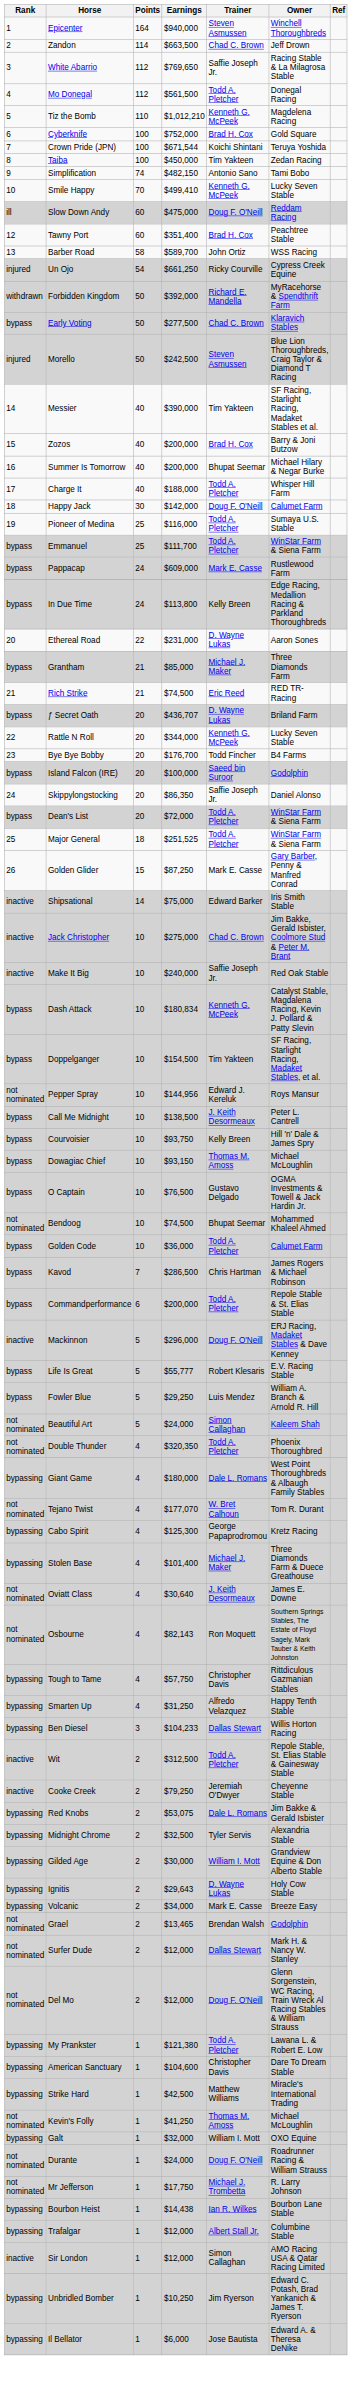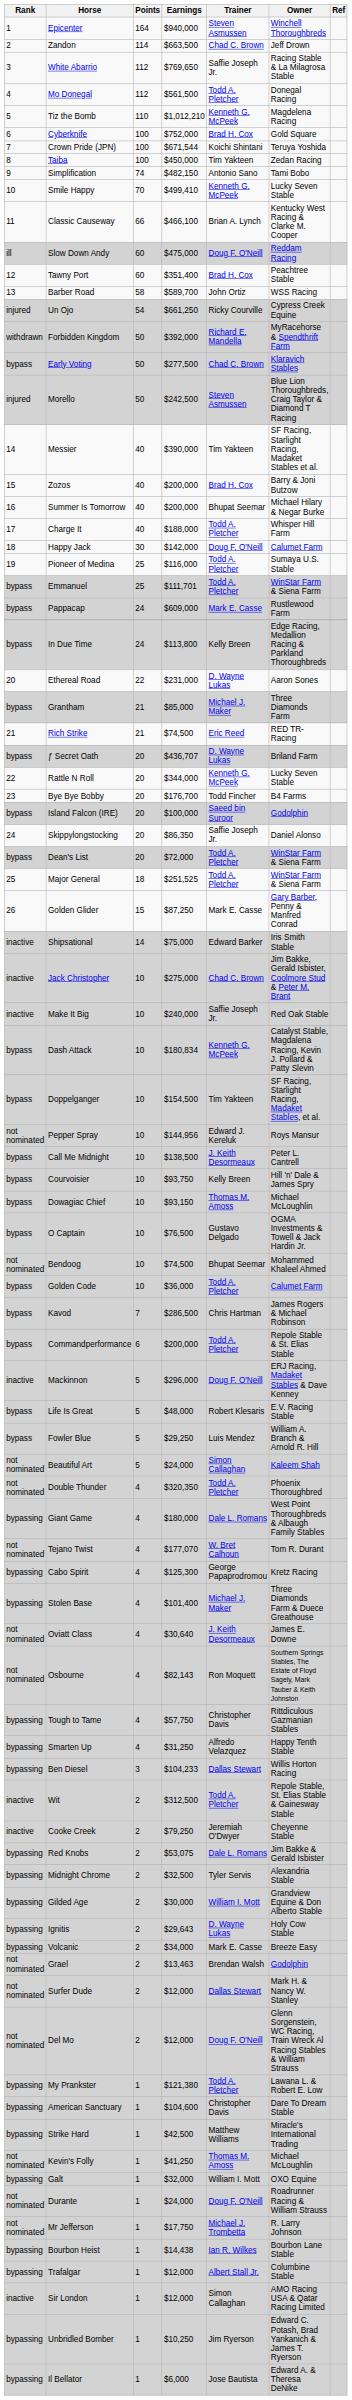 <table class="wikitable">
 <tr>
 <th>Rank</th>
 <th>Horse</th>
 <th>Points</th>
 <th>Earnings</th>
 <th>Trainer</th>
 <th>Owner</th>
 <th>Ref</th>
 </tr>
 <tr>
 <td>1</td>
 <td><a href='#'>Epicenter</a></td>
 <td>164</td>
 <td>$940,000</td>
 <td><a href='#'>Steven Asmussen</a></td>
 <td><a href='#'>Winchell Thoroughbreds</a></td>
 <td></td>
 </tr>
 <tr>
 <td>2</td>
 <td>Zandon</td>
 <td>114</td>
 <td>$663,500</td>
 <td><a href='#'>Chad C. Brown</a></td>
 <td>Jeff Drown</td>
 <td></td>
 </tr>
 <tr>
 <td>3</td>
 <td><a href='#'>White Abarrio</a></td>
 <td>112</td>
 <td>$769,650</td>
 <td>Saffie Joseph Jr.</td>
 <td>Racing Stable & La Milagrosa Stable</td>
 <td></td>
 </tr>
 <tr>
 <td>4</td>
 <td><a href='#'>Mo Donegal</a></td>
 <td>112</td>
 <td>$561,500</td>
 <td><a href='#'>Todd A. Pletcher</a></td>
 <td>Donegal Racing</td>
 <td></td>
 </tr>
 <tr>
 <td>5</td>
 <td>Tiz the Bomb</td>
 <td>110</td>
 <td>$1,012,210</td>
 <td><a href='#'>Kenneth G. McPeek</a></td>
 <td>Magdelena Racing</td>
 <td></td>
 </tr>
 <tr>
 <td>6</td>
 <td><a href='#'>Cyberknife</a></td>
 <td>100</td>
 <td>$752,000</td>
 <td><a href='#'>Brad H. Cox</a></td>
 <td>Gold Square</td>
 <td></td>
 </tr>
 <tr>
 <td>7</td>
 <td>Crown Pride (JPN)</td>
 <td>100</td>
 <td>$671,544</td>
 <td>Koichi Shintani</td>
 <td>Teruya Yoshida</td>
 <td></td>
 </tr>
 <tr>
 <td>8</td>
 <td><a href='#'>Taiba</a></td>
 <td>100</td>
 <td>$450,000</td>
 <td>Tim Yakteen</td>
 <td>Zedan Racing</td>
 <td></td>
 </tr>
 <tr>
 <td>9</td>
 <td>Simplification</td>
 <td>74</td>
 <td>$482,150</td>
 <td>Antonio Sano</td>
 <td>Tami Bobo</td>
 <td></td>
 </tr>
 <tr>
 <td>10</td>
 <td>Smile Happy</td>
 <td>70</td>
 <td>$499,410</td>
 <td><a href='#'>Kenneth G. McPeek</a></td>
 <td>Lucky Seven Stable</td>
+<td></td>
+</tr>
+<tr>
+<td>11</td>
+<td>Classic Causeway</td>
+<td>66</td>
+<td>$466,100</td>
+<td>Brian A. Lynch</td>
+<td>Kentucky West Racing & Clarke M. Cooper</td>
 <td></td>
 </tr>
 <tr bgcolor=lightgray>
 <td>ill</td>
 <td>Slow Down Andy</td>
 <td>60</td>
 <td>$475,000</td>
 <td><a href='#'>Doug F. O'Neill</a></td>
 <td><a href='#'>Reddam Racing</a></td>
 <td></td>
 </tr>
 <tr>
 <td>12</td>
 <td>Tawny Port</td>
 <td>60</td>
 <td>$351,400</td>
 <td><a href='#'>Brad H. Cox</a></td>
 <td>Peachtree Stable</td>
 <td></td>
 </tr>
 <tr>
 <td>13</td>
 <td>Barber Road</td>
 <td>58</td>
 <td>$589,700</td>
 <td>John Ortiz</td>
 <td>WSS Racing</td>
 <td></td>
 </tr>
 <tr bgcolor="lightgray">
 <td>injured</td>
 <td>Un Ojo</td>
 <td>54</td>
 <td>$661,250</td>
 <td>Ricky Courville</td>
 <td>Cypress Creek Equine</td>
 <td></td>
 </tr>
 <tr bgcolor=lightgray>
 <td>withdrawn</td>
 <td>Forbidden Kingdom</td>
 <td>50</td>
 <td>$392,000</td>
 <td><a href='#'>Richard E. Mandella</a></td>
 <td>MyRacehorse & <a href='#'>Spendthrift Farm</a></td>
 <td></td>
 </tr>
 <tr bgcolor=lightgrey>
 <td>bypass</td>
 <td><a href='#'>Early Voting</a></td>
 <td>50</td>
 <td>$277,500</td>
 <td><a href='#'>Chad C. Brown</a></td>
 <td><a href='#'>Klaravich Stables</a></td>
 <td></td>
 </tr>
 <tr bgcolor=lightgrey>
 <td>injured</td>
 <td>Morello</td>
 <td>50</td>
 <td>$242,500</td>
 <td><a href='#'>Steven Asmussen</a></td>
 <td>Blue Lion Thoroughbreds, Craig Taylor & Diamond T Racing</td>
 <td></td>
 </tr>
 <tr>
 <td>14</td>
 <td>Messier</td>
 <td>40</td>
 <td>$390,000</td>
 <td>Tim Yakteen</td>
 <td>SF Racing, Starlight Racing, Madaket Stables et al.</td>
 <td></td>
 </tr>
 <tr>
 <td>15</td>
 <td>Zozos</td>
 <td>40</td>
 <td>$200,000</td>
 <td><a href='#'>Brad H. Cox</a></td>
 <td>Barry & Joni Butzow</td>
 <td></td>
 </tr>
 <tr>
 <td>16</td>
 <td>Summer Is Tomorrow</td>
 <td>40</td>
 <td>$200,000</td>
 <td>Bhupat Seemar</td>
 <td>Michael Hilary & Negar Burke</td>
 <td></td>
 </tr>
 <tr>
 <td>17</td>
 <td>Charge It</td>
 <td>40</td>
 <td>$188,000</td>
 <td><a href='#'>Todd A. Pletcher</a></td>
 <td>Whisper Hill Farm</td>
 <td></td>
 </tr>
 <tr>
 <td>18</td>
 <td>Happy Jack</td>
 <td>30</td>
 <td>$142,000</td>
 <td><a href='#'>Doug F. O'Neill</a></td>
 <td><a href='#'>Calumet Farm</a></td>
 <td></td>
 </tr>
 <tr>
 <td>19</td>
 <td>Pioneer of Medina</td>
 <td>25</td>
 <td>$116,000</td>
 <td><a href='#'>Todd A. Pletcher</a></td>
 <td>Sumaya U.S. Stable</td>
 <td></td>
 </tr>
 <tr bgcolor=lightgray>
 <td>bypass</td>
 <td>Emmanuel</td>
 <td>25</td>
-<td>$111,700</td>
+<td>$111,701</td>
 <td><a href='#'>Todd A. Pletcher</a></td>
 <td><a href='#'>WinStar Farm</a> & Siena Farm</td>
 <td></td>
 </tr>
 <tr bgcolor=lightgray>
 <td>bypass</td>
 <td>Pappacap</td>
 <td>24</td>
 <td>$609,000</td>
 <td><a href='#'>Mark E. Casse</a></td>
 <td>Rustlewood Farm</td>
 <td></td>
 </tr>
 <tr>
 </tr>
 <tr bgcolor=lightgray>
 <td>bypass</td>
 <td>In Due Time</td>
 <td>24</td>
 <td>$113,800</td>
 <td>Kelly Breen</td>
 <td>Edge Racing, Medallion Racing & Parkland Thoroughbreds</td>
 <td></td>
 </tr>
 <tr>
 <td>20</td>
 <td>Ethereal Road</td>
 <td>22</td>
 <td>$231,000</td>
 <td><a href='#'>D. Wayne Lukas</a></td>
 <td>Aaron Sones</td>
 <td></td>
 </tr>
 <tr bgcolor=lightgray>
 <td>bypass</td>
 <td>Grantham</td>
 <td>21</td>
 <td>$85,000</td>
 <td><a href='#'>Michael J. Maker</a></td>
 <td>Three Diamonds Farm</td>
 <td></td>
 </tr>
 <tr>
 <td>21</td>
 <td><a href='#'>Rich Strike</a></td>
 <td>21</td>
 <td>$74,500</td>
 <td><a href='#'>Eric Reed</a></td>
 <td>RED TR-Racing</td>
 <td></td>
 </tr>
 <tr bgcolor=lightgray>
 <td>bypass</td>
 <td>ƒ Secret Oath</td>
 <td>20</td>
 <td>$436,707</td>
 <td><a href='#'>D. Wayne Lukas</a></td>
 <td>Briland Farm</td>
 <td></td>
 </tr>
 <tr>
 <td>22</td>
 <td>Rattle N Roll</td>
 <td>20</td>
 <td>$344,000</td>
 <td><a href='#'>Kenneth G. McPeek</a></td>
 <td>Lucky Seven Stable</td>
 <td></td>
 </tr>
 <tr>
 <td>23</td>
 <td>Bye Bye Bobby</td>
 <td>20</td>
 <td>$176,700</td>
 <td>Todd Fincher</td>
 <td>B4 Farms</td>
 <td></td>
 </tr>
 <tr bgcolor=lightgray>
 <td>bypass</td>
 <td>Island Falcon (IRE)</td>
 <td>20</td>
 <td>$100,000</td>
 <td><a href='#'>Saeed bin Suroor</a></td>
 <td><a href='#'>Godolphin</a></td>
 <td></td>
 </tr>
 <tr>
 <td>24</td>
 <td>Skippylongstocking</td>
 <td>20</td>
 <td>$86,350</td>
 <td>Saffie Joseph Jr.</td>
 <td>Daniel Alonso</td>
 <td></td>
 </tr>
 <tr bgcolor=lightgray>
 <td>bypass</td>
 <td>Dean's List</td>
 <td>20</td>
 <td>$72,000</td>
 <td><a href='#'>Todd A. Pletcher</a></td>
 <td><a href='#'>WinStar Farm</a> & Siena Farm</td>
 <td></td>
 </tr>
 <tr>
 <td>25</td>
 <td>Major General</td>
 <td>18</td>
 <td>$251,525</td>
 <td><a href='#'>Todd A. Pletcher</a></td>
 <td><a href='#'>WinStar Farm</a> & Siena Farm</td>
 <td></td>
 </tr>
 <tr>
 <td>26</td>
 <td>Golden Glider</td>
 <td>15</td>
 <td>$87,250</td>
 <td>Mark E. Casse</td>
 <td><a href='#'>Gary Barber</a>, Penny & Manfred Conrad</td>
 <td></td>
 </tr>
 <tr bgcolor=lightgrey>
 <td>inactive</td>
 <td>Shipsational</td>
 <td>14</td>
 <td>$75,000</td>
 <td>Edward Barker</td>
 <td>Iris Smith Stable</td>
 <td></td>
 </tr>
 <tr bgcolor=lightgrey>
 <td>inactive</td>
 <td><a href='#'>Jack Christopher</a></td>
 <td>10</td>
 <td>$275,000</td>
 <td><a href='#'>Chad C. Brown</a></td>
 <td>Jim Bakke, Gerald Isbister, <a href='#'>Coolmore Stud</a> & <a href='#'>Peter M. Brant</a></td>
 <td></td>
 </tr>
 <tr bgcolor=lightgrey>
 <td>inactive</td>
 <td>Make It Big</td>
 <td>10</td>
 <td>$240,000</td>
 <td>Saffie Joseph Jr.</td>
 <td>Red Oak Stable</td>
 <td></td>
 </tr>
 <tr bgcolor=lightgrey>
 <td>bypass</td>
 <td>Dash Attack</td>
 <td>10</td>
 <td>$180,834</td>
 <td><a href='#'>Kenneth G. McPeek</a></td>
 <td>Catalyst Stable, Magdalena Racing, Kevin J. Pollard & Patty Slevin</td>
 <td></td>
 </tr>
 <tr bgcolor=lightgray>
 <td>bypass</td>
 <td>Doppelganger</td>
 <td>10</td>
 <td>$154,500</td>
 <td>Tim Yakteen</td>
 <td>SF Racing, Starlight Racing, <a href='#'>Madaket Stables</a>, et al.</td>
 <td></td>
 </tr>
 <tr bgcolor=lightgrey>
 <td>not nominated</td>
 <td>Pepper Spray</td>
 <td>10</td>
 <td>$144,956</td>
 <td>Edward J. Kereluk</td>
 <td>Roys Mansur</td>
 <td></td>
 </tr>
 <tr bgcolor=lightgrey>
 <td>bypass</td>
 <td>Call Me Midnight</td>
 <td>10</td>
 <td>$138,500</td>
 <td><a href='#'>J. Keith Desormeaux</a></td>
 <td>Peter L. Cantrell</td>
 <td></td>
 </tr>
 <tr bgcolor=lightgray>
 <td>bypass</td>
 <td>Courvoisier</td>
 <td>10</td>
 <td>$93,750</td>
 <td>Kelly Breen</td>
 <td>Hill 'n' Dale & James Spry</td>
 <td></td>
 </tr>
 <tr bgcolor=lightgray>
 <td>bypass</td>
 <td>Dowagiac Chief</td>
 <td>10</td>
 <td>$93,150</td>
 <td><a href='#'>Thomas M. Amoss</a></td>
 <td>Michael McLoughlin</td>
 <td></td>
 </tr>
 <tr bgcolor=lightgray>
 <td>bypass</td>
 <td>O Captain</td>
 <td>10</td>
 <td>$76,500</td>
 <td>Gustavo Delgado</td>
 <td>OGMA Investments & Towell & Jack Hardin Jr.</td>
 <td></td>
 </tr>
 <tr bgcolor=lightgrey>
 <td>not nominated</td>
 <td>Bendoog</td>
 <td>10</td>
 <td>$74,500</td>
 <td>Bhupat Seemar</td>
 <td>Mohammed Khaleel Ahmed</td>
 <td></td>
 </tr>
 <tr bgcolor=lightgray>
 <td>bypass</td>
 <td>Golden Code</td>
 <td>10</td>
 <td>$36,000</td>
 <td><a href='#'>Todd A. Pletcher</a></td>
 <td><a href='#'>Calumet Farm</a></td>
 <td></td>
 </tr>
 <tr bgcolor=lightgray>
 <td>bypass</td>
 <td>Kavod</td>
 <td>7</td>
 <td>$286,500</td>
 <td>Chris Hartman</td>
 <td>James Rogers & Michael Robinson</td>
 <td></td>
 </tr>
 <tr bgcolor=lightgray>
 <td>bypass</td>
 <td>Commandperformance</td>
 <td>6</td>
 <td>$200,000</td>
 <td><a href='#'>Todd A. Pletcher</a></td>
 <td>Repole Stable & St. Elias Stable</td>
 <td></td>
 </tr>
 <tr bgcolor=lightgrey>
 <td>inactive</td>
 <td>Mackinnon</td>
 <td>5</td>
 <td>$296,000</td>
 <td><a href='#'>Doug F. O'Neill</a></td>
 <td>ERJ Racing, <a href='#'>Madaket Stables</a> & Dave Kenney</td>
 <td></td>
 </tr>
 <tr bgcolor=lightgray>
 <td>bypass</td>
 <td>Life Is Great</td>
 <td>5</td>
-<td>$55,777</td>
+<td>$48,000</td>
 <td>Robert Klesaris</td>
 <td>E.V. Racing Stable</td>
 <td></td>
 </tr>
 <tr bgcolor=lightgray>
 <td>bypass</td>
 <td>Fowler Blue</td>
 <td>5</td>
 <td>$29,250</td>
 <td>Luis Mendez</td>
 <td>William A. Branch & Arnold R. Hill</td>
 <td></td>
 </tr>
 <tr bgcolor=lightgrey>
 <td>not nominated</td>
 <td>Beautiful Art</td>
 <td>5</td>
 <td>$24,000</td>
 <td><a href='#'>Simon Callaghan</a></td>
 <td><a href='#'>Kaleem Shah</a></td>
 <td></td>
 </tr>
 <tr bgcolor=lightgrey>
 <td>not nominated</td>
 <td>Double Thunder</td>
 <td>4</td>
 <td>$320,350</td>
 <td><a href='#'>Todd A. Pletcher</a></td>
 <td>Phoenix Thoroughbred</td>
 <td></td>
 </tr>
 <tr bgcolor=lightgray>
 <td>bypassing</td>
 <td>Giant Game</td>
 <td>4</td>
 <td>$180,000</td>
 <td><a href='#'>Dale L. Romans</a></td>
 <td>West Point Thoroughbreds & Albaugh Family Stables</td>
 <td></td>
 </tr>
 <tr bgcolor=lightgrey>
 <td>not nominated</td>
 <td>Tejano Twist</td>
 <td>4</td>
 <td>$177,070</td>
 <td><a href='#'>W. Bret Calhoun</a></td>
 <td>Tom R. Durant</td>
 <td></td>
 </tr>
 <tr bgcolor=lightgray>
 <td>bypassing</td>
 <td>Cabo Spirit</td>
 <td>4</td>
 <td>$125,300</td>
 <td>George Papaprodromou</td>
 <td>Kretz Racing</td>
 <td></td>
 </tr>
 <tr bgcolor=lightgray>
 <td>bypassing</td>
 <td>Stolen Base</td>
 <td>4</td>
 <td>$101,400</td>
 <td><a href='#'>Michael J. Maker</a></td>
 <td>Three Diamonds Farm & Duece Greathouse</td>
 <td></td>
 </tr>
 <tr bgcolor=lightgrey>
 <td>not nominated</td>
 <td>Oviatt Class</td>
 <td>4</td>
 <td>$30,640</td>
 <td><a href='#'>J. Keith Desormeaux</a></td>
 <td>James E. Downe</td>
 <td></td>
 </tr>
 <tr bgcolor=lightgrey>
 <td>not nominated</td>
 <td>Osbourne</td>
 <td>4</td>
 <td>$82,143</td>
 <td>Ron Moquett</td>
 <td><small>Southern Springs Stables, The Estate of Floyd Sagely, Mark Tauber & Keith Johnston</small></td>
 <td></td>
 </tr>
 <tr bgcolor=lightgray>
 <td>bypassing</td>
 <td>Tough to Tame</td>
 <td>4</td>
 <td>$57,750</td>
 <td>Christopher Davis</td>
 <td>Rittdiculous Gazmanian Stables</td>
 <td></td>
 </tr>
 <tr bgcolor=lightgray>
 <td>bypassing</td>
 <td>Smarten Up</td>
 <td>4</td>
 <td>$31,250</td>
 <td>Alfredo Velazquez</td>
 <td>Happy Tenth Stable</td>
 <td></td>
 </tr>
 <tr bgcolor=lightgray>
 <td>bypassing</td>
 <td>Ben Diesel</td>
 <td>3</td>
 <td>$104,233</td>
 <td><a href='#'>Dallas Stewart</a></td>
 <td>Willis Horton Racing</td>
 <td></td>
 </tr>
 <tr bgcolor=lightgrey>
 <td>inactive</td>
 <td>Wit</td>
 <td>2</td>
 <td>$312,500</td>
 <td><a href='#'>Todd A. Pletcher</a></td>
 <td>Repole Stable, St. Elias Stable & Gainesway Stable</td>
 <td></td>
 </tr>
 <tr bgcolor=lightgrey>
 <td>inactive</td>
 <td>Cooke Creek</td>
 <td>2</td>
 <td>$79,250</td>
 <td>Jeremiah O'Dwyer</td>
 <td>Cheyenne Stable</td>
 <td></td>
 </tr>
 <tr bgcolor=lightgray>
 <td>bypassing</td>
 <td>Red Knobs</td>
 <td>2</td>
 <td>$53,075</td>
 <td><a href='#'>Dale L. Romans</a></td>
 <td>Jim Bakke & Gerald Isbister</td>
 <td></td>
 </tr>
 <tr bgcolor=lightgray>
 <td>bypassing</td>
 <td>Midnight Chrome</td>
 <td>2</td>
 <td>$32,500</td>
 <td>Tyler Servis</td>
 <td>Alexandria Stable</td>
 <td></td>
 </tr>
 <tr bgcolor=lightgray>
 <td>bypassing</td>
 <td>Gilded Age</td>
 <td>2</td>
 <td>$30,000</td>
 <td><a href='#'>William I. Mott</a></td>
 <td>Grandview Equine & Don Alberto Stable</td>
 <td></td>
 </tr>
 <tr bgcolor=lightgray>
 <td>bypassing</td>
 <td>Ignitis</td>
 <td>2</td>
 <td>$29,643</td>
 <td><a href='#'>D. Wayne Lukas</a></td>
 <td>Holy Cow Stable</td>
 <td></td>
 </tr>
 <tr bgcolor=lightgray>
 <td>bypassing</td>
 <td>Volcanic</td>
 <td>2</td>
 <td>$34,000</td>
 <td>Mark E. Casse</td>
 <td>Breeze Easy</td>
 <td></td>
 </tr>
 <tr bgcolor=lightgrey>
 <td>not nominated</td>
 <td>Grael</td>
 <td>2</td>
-<td>$13,465</td>
+<td>$13,463</td>
 <td>Brendan Walsh</td>
 <td><a href='#'>Godolphin</a></td>
 <td></td>
 </tr>
 <tr bgcolor=lightgrey>
 <td>not nominated</td>
 <td>Surfer Dude</td>
 <td>2</td>
 <td>$12,000</td>
 <td><a href='#'>Dallas Stewart</a></td>
 <td>Mark H. & Nancy W. Stanley</td>
 <td></td>
 </tr>
 <tr bgcolor=lightgrey>
 <td>not nominated</td>
 <td>Del Mo</td>
 <td>2</td>
 <td>$12,000</td>
 <td><a href='#'>Doug F. O'Neill</a></td>
 <td>Glenn Sorgenstein, WC Racing, Train Wreck Al Racing Stables & William Strauss</td>
 <td></td>
 </tr>
 <tr bgcolor=lightgray>
 <td>bypassing</td>
 <td>My Prankster</td>
 <td>1</td>
 <td>$121,380</td>
 <td><a href='#'>Todd A. Pletcher</a></td>
 <td>Lawana L. & Robert E. Low</td>
 <td></td>
 </tr>
 <tr bgcolor=lightgray>
 <td>bypassing</td>
 <td>American Sanctuary</td>
 <td>1</td>
 <td>$104,600</td>
 <td>Christopher Davis</td>
 <td>Dare To Dream Stable</td>
 <td></td>
 </tr>
 <tr bgcolor=lightgray>
 <td>bypassing</td>
 <td>Strike Hard</td>
 <td>1</td>
 <td>$42,500</td>
 <td>Matthew Williams</td>
 <td>Miracle's International Trading</td>
 <td></td>
 </tr>
 <tr bgcolor=lightgrey>
 <td>not nominated</td>
 <td>Kevin's Folly</td>
 <td>1</td>
 <td>$41,250</td>
 <td><a href='#'>Thomas M. Amoss</a></td>
 <td>Michael McLoughlin</td>
 <td></td>
 </tr>
 <tr bgcolor=lightgray>
 <td>bypassing</td>
 <td>Galt</td>
 <td>1</td>
 <td>$32,000</td>
 <td>William I. Mott</td>
 <td>OXO Equine</td>
 <td></td>
 </tr>
 <tr bgcolor=lightgrey>
 <td>not nominated</td>
 <td>Durante</td>
 <td>1</td>
 <td>$24,000</td>
 <td><a href='#'>Doug F. O'Neill</a></td>
 <td>Roadrunner Racing & William Strauss</td>
 <td></td>
 </tr>
 <tr bgcolor=lightgrey>
 <td>not nominated</td>
 <td>Mr Jefferson</td>
 <td>1</td>
 <td>$17,750</td>
 <td><a href='#'>Michael J. Trombetta</a></td>
 <td>R. Larry Johnson</td>
 <td></td>
 </tr>
 <tr bgcolor=lightgray>
 <td>bypassing</td>
 <td>Bourbon Heist</td>
 <td>1</td>
 <td>$14,438</td>
 <td><a href='#'>Ian R. Wilkes</a></td>
 <td>Bourbon Lane Stable</td>
 <td></td>
 </tr>
 <tr bgcolor=lightgray>
 <td>bypassing</td>
 <td>Trafalgar</td>
 <td>1</td>
 <td>$12,000</td>
 <td><a href='#'>Albert Stall Jr.</a></td>
 <td>Columbine Stable</td>
 <td></td>
 </tr>
 <tr bgcolor=lightgrey>
 <td>inactive</td>
 <td>Sir London</td>
 <td>1</td>
 <td>$12,000</td>
 <td>Simon Callaghan</td>
 <td>AMO Racing USA & Qatar Racing Limited</td>
 <td></td>
 </tr>
 <tr bgcolor=lightgray>
 <td>bypassing</td>
 <td>Unbridled Bomber</td>
 <td>1</td>
 <td>$10,250</td>
 <td>Jim Ryerson</td>
 <td>Edward C. Potash, Brad Yankanich & James T. Ryerson</td>
 <td></td>
 </tr>
 <tr bgcolor=lightgray>
 <td>bypassing</td>
 <td>Il Bellator</td>
 <td>1</td>
 <td>$6,000</td>
 <td>Jose Bautista</td>
 <td>Edward A. & Theresa DeNike</td>
 <td></td>
 </tr>
 </table>
